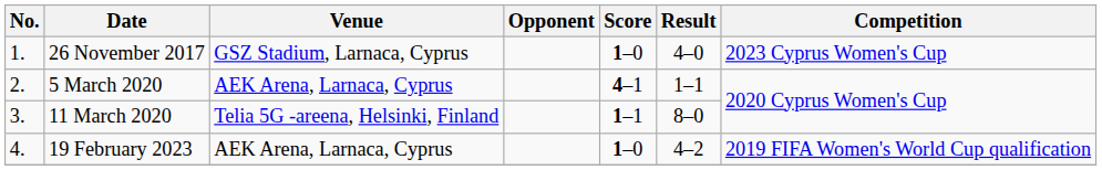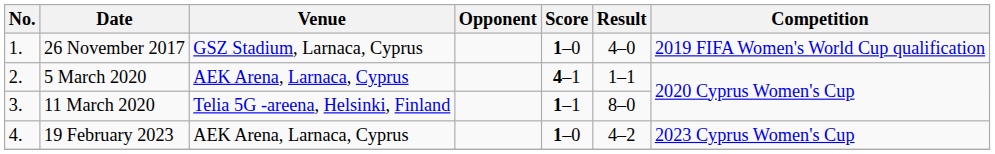 <table class="wikitable">
 <tr>
 <th>No.</th>
 <th>Date</th>
 <th>Venue</th>
 <th>Opponent</th>
 <th>Score</th>
 <th>Result</th>
 <th>Competition</th>
 </tr>
 <tr>
 <td>1.</td>
 <td>26 November 2017</td>
 <td><a href='#'>GSZ Stadium</a>, Larnaca, Cyprus</td>
 <td></td>
 <td align=center><strong>1</strong>–0</td>
 <td align=center>4–0</td>
-<td><a href='#'>2023 Cyprus Women's Cup</a></td>
+<td><a href='#'>2019 FIFA Women's World Cup qualification</a></td>
 </tr>
 <tr>
 <td>2.</td>
 <td>5 March 2020</td>
 <td><a href='#'>AEK Arena</a>, <a href='#'>Larnaca</a>, <a href='#'>Cyprus</a></td>
 <td></td>
 <td align=center><strong>4</strong>–1</td>
 <td align=center>1–1</td>
 <td rowspan=2><a href='#'>2020 Cyprus Women's Cup</a></td>
 </tr>
 <tr>
 <td>3.</td>
 <td>11 March 2020</td>
 <td><a href='#'>Telia 5G -areena</a>, <a href='#'>Helsinki</a>, <a href='#'>Finland</a></td>
 <td></td>
 <td align=center><strong>1</strong>–1</td>
 <td align=center>8–0</td>
 </tr>
 <tr>
 <td>4.</td>
 <td>19 February 2023</td>
 <td>AEK Arena, Larnaca, Cyprus</td>
 <td></td>
 <td align=center><strong>1</strong>–0</td>
 <td align=center>4–2</td>
-<td><a href='#'>2019 FIFA Women's World Cup qualification</a></td>
+<td><a href='#'>2023 Cyprus Women's Cup</a></td>
 </tr>
 <tr>
 </tr>
 </table>
